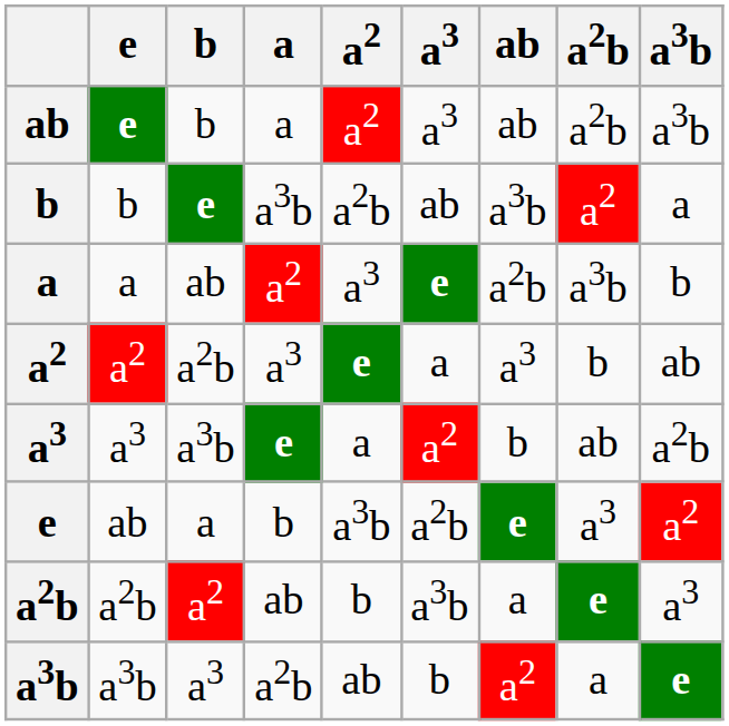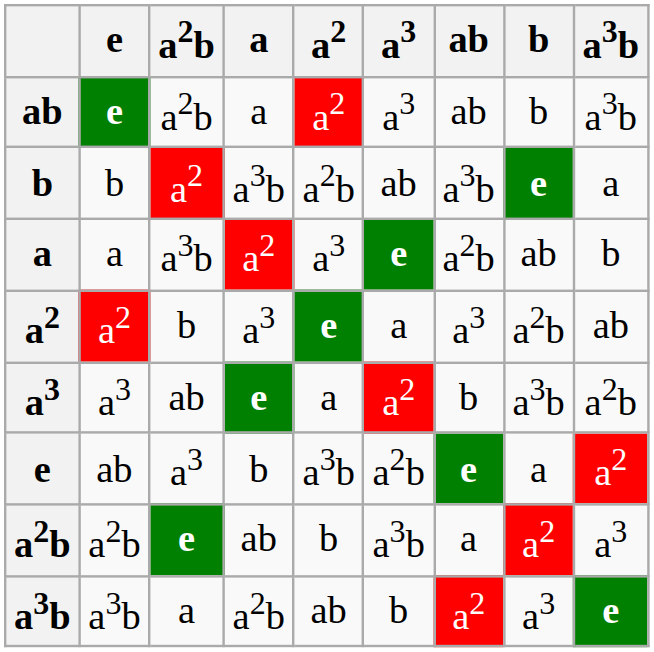 <table class="wikitable floatright">
 <tr>
 <th></th>
 <th>e</th>
-<th>b</th>
+<th>a<sup>2</sup>b</th>
 <th>a</th>
 <th>a<sup>2</sup></th>
 <th>a<sup>3</sup></th>
 <th>ab</th>
-<th>a<sup>2</sup>b</th>
+<th>b</th>
 <th>a<sup>3</sup>b</th>
 </tr>
 <tr align="center">
 <th>ab</th>
 <td style="background: green; color: white;"><strong>e</strong></td>
-<td>b</td>
+<td>a<sup>2</sup>b</td>
 <td>a</td>
 <td style="background: red; color: white;">a<sup>2</sup></td>
 <td>a<sup>3</sup></td>
 <td>ab</td>
-<td>a<sup>2</sup>b</td>
+<td>b</td>
 <td>a<sup>3</sup>b</td>
 </tr>
 <tr align="center">
 <th>b</th>
 <td>b</td>
-<td style="background: green; color: white;"><strong>e</strong></td>
+<td style="background: red; color: white;">a<sup>2</sup></td>
 <td>a<sup>3</sup>b</td>
 <td>a<sup>2</sup>b</td>
 <td>ab</td>
 <td>a<sup>3</sup>b</td>
-<td style="background: red; color: white;">a<sup>2</sup></td>
+<td style="background: green; color: white;"><strong>e</strong></td>
 <td>a</td>
 </tr>
 <tr align="center">
 <th>a</th>
 <td>a</td>
-<td>ab</td>
+<td>a<sup>3</sup>b</td>
 <td style="background: red; color: white;">a<sup>2</sup></td>
 <td>a<sup>3</sup></td>
 <td style="background: green; color: white;"><strong>e</strong></td>
 <td>a<sup>2</sup>b</td>
-<td>a<sup>3</sup>b</td>
+<td>ab</td>
 <td>b</td>
 </tr>
 <tr align="center">
 <th>a<sup>2</sup></th>
 <td style="background: red; color: white;">a<sup>2</sup></td>
-<td>a<sup>2</sup>b</td>
+<td>b</td>
 <td>a<sup>3</sup></td>
 <td style="background: green; color: white;"><strong>e</strong></td>
 <td>a</td>
 <td>a<sup>3</sup></td>
-<td>b</td>
+<td>a<sup>2</sup>b</td>
 <td>ab</td>
 </tr>
 <tr align="center">
 <th>a<sup>3</sup></th>
 <td>a<sup>3</sup></td>
-<td>a<sup>3</sup>b</td>
+<td>ab</td>
 <td style="background: green; color: white;"><strong>e</strong></td>
 <td>a</td>
 <td style="background: red; color: white;">a<sup>2</sup></td>
 <td>b</td>
-<td>ab</td>
+<td>a<sup>3</sup>b</td>
 <td>a<sup>2</sup>b</td>
 </tr>
 <tr align="center">
 <th>e</th>
 <td>ab</td>
-<td>a</td>
+<td>a<sup>3</sup></td>
 <td>b</td>
 <td>a<sup>3</sup>b</td>
 <td>a<sup>2</sup>b</td>
 <td style="background: green; color: white;"><strong>e</strong></td>
-<td>a<sup>3</sup></td>
+<td>a</td>
 <td style="background: red; color: white;">a<sup>2</sup></td>
 </tr>
 <tr align="center">
 <th>a<sup>2</sup>b</th>
 <td>a<sup>2</sup>b</td>
-<td style="background: red; color: white;">a<sup>2</sup></td>
+<td style="background: green; color: white;"><strong>e</strong></td>
 <td>ab</td>
 <td>b</td>
 <td>a<sup>3</sup>b</td>
 <td>a</td>
-<td style="background: green; color: white;"><strong>e</strong></td>
+<td style="background: red; color: white;">a<sup>2</sup></td>
 <td>a<sup>3</sup></td>
 </tr>
 <tr align="center">
 <th>a<sup>3</sup>b</th>
 <td>a<sup>3</sup>b</td>
-<td>a<sup>3</sup></td>
+<td>a</td>
 <td>a<sup>2</sup>b</td>
 <td>ab</td>
 <td>b</td>
 <td style="background: red; color: white;">a<sup>2</sup></td>
-<td>a</td>
+<td>a<sup>3</sup></td>
 <td style="background: green; color: white;"><strong>e</strong></td>
 </tr>
 </table>
